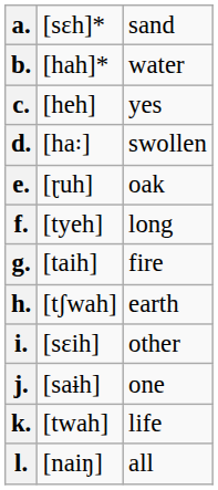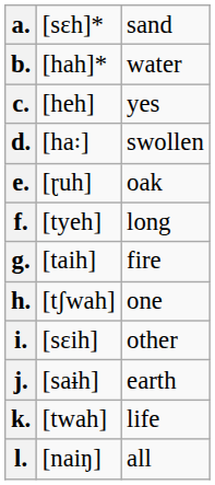 <table class="wikitable">
 <tr>
 <th>a.</th>
 <td>[sɛh]*</td>
 <td>sand</td>
 </tr>
 <tr>
 <th>b.</th>
 <td>[hah]*</td>
 <td>water</td>
 </tr>
 <tr>
 <th>c.</th>
 <td>[heh]</td>
 <td>yes</td>
 </tr>
 <tr>
 <th>d.</th>
 <td>[ha꞉]</td>
 <td>swollen</td>
 </tr>
 <tr>
 <th>e.</th>
 <td>[ɽuh]</td>
 <td>oak</td>
 </tr>
 <tr>
 <th>f.</th>
 <td>[tyeh]</td>
 <td>long</td>
 </tr>
 <tr>
 <th>g.</th>
 <td>[taih]</td>
 <td>fire</td>
 </tr>
 <tr>
 <th>h.</th>
 <td>[tʃwah]</td>
-<td>earth</td>
+<td>one</td>
 </tr>
 <tr>
 <th>i.</th>
 <td>[sɛih]</td>
 <td>other</td>
 </tr>
 <tr>
 <th>j.</th>
 <td>[saɨh]</td>
-<td>one</td>
+<td>earth</td>
 </tr>
 <tr>
 <th>k.</th>
 <td>[twah]</td>
 <td>life</td>
 </tr>
 <tr>
 <th>l.</th>
 <td>[naiŋ]</td>
 <td>all</td>
 </tr>
 </table>
